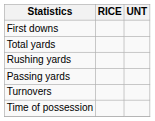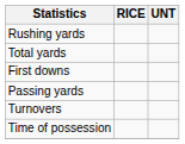 <table class="wikitable" style="float: left;">
 <tr>
 <th>Statistics</th>
 <th>RICE</th>
 <th>UNT</th>
 </tr>
 <tr>
-<td>First downs</td>
+<td>Rushing yards</td>
 <td></td>
 <td></td>
 </tr>
 <tr>
 <td>Total yards</td>
 <td></td>
 <td></td>
 </tr>
 <tr>
-<td>Rushing yards</td>
+<td>First downs</td>
 <td></td>
 <td></td>
 </tr>
 <tr>
 <td>Passing yards</td>
 <td></td>
 <td></td>
 </tr>
 <tr>
 <td>Turnovers</td>
 <td></td>
 <td></td>
 </tr>
 <tr>
 <td>Time of possession</td>
 <td></td>
 <td></td>
 </tr>
 <tr>
 </tr>
 </table>
